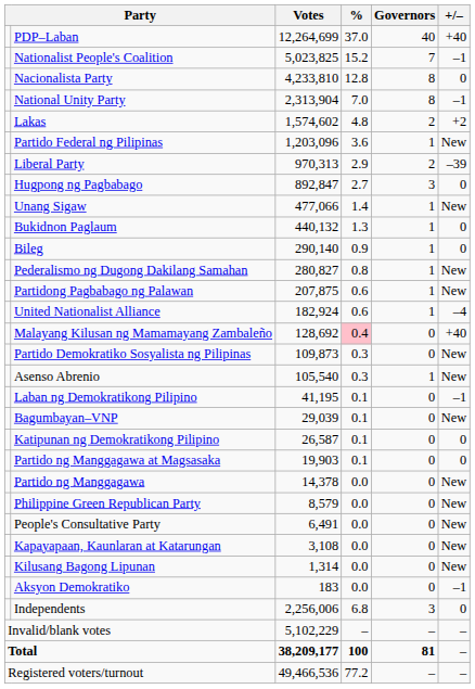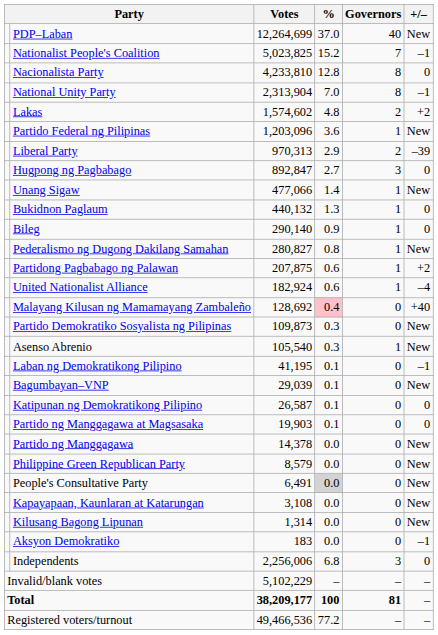 <table class="wikitable" style="text-align:right">
 <tr>
 <th colspan="2">Party</th>
 <th>Votes</th>
 <th>%</th>
 <th>Governors</th>
 <th>+/–</th>
 </tr>
 <tr>
 <td></td>
 <td align="left"><a href='#'>PDP–Laban</a></td>
 <td>12,264,699</td>
 <td>37.0</td>
 <td>40</td>
-<td>+40</td>
+<td>New</td>
 </tr>
 <tr>
 <td></td>
 <td align="left"><a href='#'>Nationalist People's Coalition</a></td>
 <td>5,023,825</td>
 <td>15.2</td>
 <td>7</td>
 <td>–1</td>
 </tr>
 <tr>
 <td></td>
 <td align="left"><a href='#'>Nacionalista Party</a></td>
 <td>4,233,810</td>
 <td>12.8</td>
 <td>8</td>
 <td>0</td>
 </tr>
 <tr>
 <td></td>
 <td align="left"><a href='#'>National Unity Party</a></td>
 <td>2,313,904</td>
 <td>7.0</td>
 <td>8</td>
 <td>–1</td>
 </tr>
 <tr>
 <td></td>
 <td align="left"><a href='#'>Lakas</a></td>
 <td>1,574,602</td>
 <td>4.8</td>
 <td>2</td>
 <td>+2</td>
 </tr>
 <tr>
 <td></td>
 <td align="left"><a href='#'>Partido Federal ng Pilipinas</a></td>
 <td>1,203,096</td>
 <td>3.6</td>
 <td>1</td>
 <td>New</td>
 </tr>
 <tr>
 <td></td>
 <td align="left"><a href='#'>Liberal Party</a></td>
 <td>970,313</td>
 <td>2.9</td>
 <td>2</td>
 <td>–39</td>
 </tr>
 <tr>
 <td></td>
 <td align="left"><a href='#'>Hugpong ng Pagbabago</a></td>
 <td>892,847</td>
 <td>2.7</td>
 <td>3</td>
 <td>0</td>
 </tr>
 <tr>
 <td bgcolor=></td>
 <td align="left"><a href='#'>Unang Sigaw</a></td>
 <td>477,066</td>
 <td>1.4</td>
 <td>1</td>
 <td>New</td>
 </tr>
 <tr>
 <td bgcolor=></td>
 <td align="left"><a href='#'>Bukidnon Paglaum</a></td>
 <td>440,132</td>
 <td>1.3</td>
 <td>1</td>
 <td>0</td>
 </tr>
 <tr>
 <td bgcolor=></td>
 <td align="left"><a href='#'>Bileg</a></td>
 <td>290,140</td>
 <td>0.9</td>
 <td>1</td>
 <td>0</td>
 </tr>
 <tr>
 <td bgcolor=></td>
 <td align="left"><a href='#'>Pederalismo ng Dugong Dakilang Samahan</a></td>
 <td>280,827</td>
 <td>0.8</td>
 <td>1</td>
 <td>New</td>
 </tr>
 <tr>
 <td bgcolor=></td>
 <td align="left"><a href='#'>Partidong Pagbabago ng Palawan</a></td>
 <td>207,875</td>
 <td>0.6</td>
 <td>1</td>
-<td>New</td>
+<td>+2</td>
 </tr>
 <tr>
 <td bgcolor=></td>
 <td align="left"><a href='#'>United Nationalist Alliance</a></td>
 <td>182,924</td>
 <td>0.6</td>
 <td>1</td>
 <td>–4</td>
 </tr>
 <tr>
 <td bgcolor=></td>
 <td align="left"><a href='#'>Malayang Kilusan ng Mamamayang Zambaleño</a></td>
 <td>128,692</td>
 <td style="background: pink;">0.4</td>
 <td>0</td>
 <td>+40</td>
 </tr>
 <tr>
 <td bgcolor=></td>
 <td align="left"><a href='#'>Partido Demokratiko Sosyalista ng Pilipinas</a></td>
 <td>109,873</td>
 <td>0.3</td>
 <td>0</td>
 <td>New</td>
 </tr>
 <tr>
 <td bgcolor=></td>
 <td align="left">Asenso Abrenio</td>
 <td>105,540</td>
 <td>0.3</td>
 <td>1</td>
 <td>New</td>
 </tr>
 <tr>
 <td bgcolor=></td>
 <td align="left"><a href='#'>Laban ng Demokratikong Pilipino</a></td>
 <td>41,195</td>
 <td>0.1</td>
 <td>0</td>
 <td>–1</td>
 </tr>
 <tr>
 <td bgcolor=></td>
 <td align="left"><a href='#'>Bagumbayan–VNP</a></td>
 <td>29,039</td>
 <td>0.1</td>
 <td>0</td>
 <td>New</td>
 </tr>
 <tr>
 <td bgcolor=></td>
 <td align="left"><a href='#'>Katipunan ng Demokratikong Pilipino</a></td>
 <td>26,587</td>
 <td>0.1</td>
 <td>0</td>
 <td>0</td>
 </tr>
 <tr>
 <td bgcolor=></td>
 <td align="left"><a href='#'>Partido ng Manggagawa at Magsasaka</a></td>
 <td>19,903</td>
 <td>0.1</td>
 <td>0</td>
 <td>0</td>
 </tr>
 <tr>
 <td bgcolor=></td>
 <td align="left"><a href='#'>Partido ng Manggagawa</a></td>
 <td>14,378</td>
 <td>0.0</td>
 <td>0</td>
 <td>New</td>
 </tr>
 <tr>
 <td bgcolor=></td>
 <td align="left"><a href='#'>Philippine Green Republican Party</a></td>
 <td>8,579</td>
 <td>0.0</td>
 <td>0</td>
 <td>New</td>
 </tr>
 <tr>
 <td bgcolor=></td>
 <td align="left">People's Consultative Party</td>
 <td>6,491</td>
-<td>0.0</td>
+<td style="background: lightgrey;">0.0</td>
 <td>0</td>
 <td>New</td>
 </tr>
 <tr>
 <td bgcolor=></td>
 <td align="left"><a href='#'>Kapayapaan, Kaunlaran at Katarungan</a></td>
 <td>3,108</td>
 <td>0.0</td>
 <td>0</td>
 <td>New</td>
 </tr>
 <tr>
 <td bgcolor=></td>
 <td align="left"><a href='#'>Kilusang Bagong Lipunan</a></td>
 <td>1,314</td>
 <td>0.0</td>
 <td>0</td>
 <td>New</td>
 </tr>
 <tr>
 <td bgcolor=></td>
 <td align="left"><a href='#'>Aksyon Demokratiko</a></td>
 <td>183</td>
 <td>0.0</td>
 <td>0</td>
 <td>–1</td>
 </tr>
 <tr>
 <td bgcolor=></td>
 <td align="left">Independents</td>
 <td>2,256,006</td>
 <td>6.8</td>
 <td>3</td>
 <td>0</td>
 </tr>
 <tr>
 <td colspan="2" align="left">Invalid/blank votes</td>
 <td>5,102,229</td>
 <td>–</td>
 <td>–</td>
 <td>–</td>
 </tr>
 <tr>
 <td colspan="2" align="left"><strong>Total</strong></td>
 <td><strong>38,209,177</strong></td>
 <td><strong>100</strong></td>
 <td><strong>81</strong></td>
 <td>–</td>
 </tr>
 <tr>
 <td colspan="2" align="left">Registered voters/turnout</td>
 <td>49,466,536</td>
 <td>77.2</td>
 <td>–</td>
 <td>–</td>
 </tr>
 </table>
